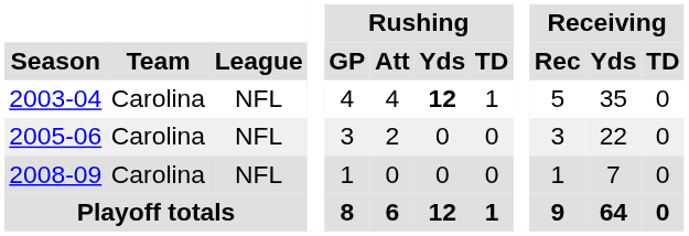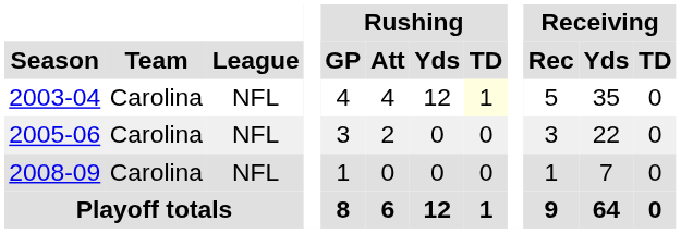 <table BORDER="0" CELLPADDING="3" CELLSPACING="0" ID="Table3">
 <tr ALIGN="center" bgcolor="#e0e0e0">
 <th ALIGN="center" colspan="3" bgcolor="#ffffff"> </th>
 <th ALIGN="center" rowspan="99" bgcolor="#ffffff"> </th>
 <th ALIGN="center" colspan="4">Rushing</th>
 <th ALIGN="center" rowspan="99" bgcolor="#ffffff"> </th>
 <th ALIGN="center" colspan="3">Receiving</th>
 </tr>
 <tr ALIGN="center" bgcolor="#e0e0e0">
 <th ALIGN="center">Season</th>
 <th ALIGN="center">Team</th>
 <th ALIGN="center">League</th>
 <th ALIGN="center">GP</th>
 <th ALIGN="center">Att</th>
 <th ALIGN="center">Yds</th>
 <th ALIGN="center">TD</th>
 <th ALIGN="center">Rec</th>
 <th ALIGN="center">Yds</th>
 <th ALIGN="center">TD</th>
 </tr>
 <tr ALIGN="center">
 <td ALIGN="center"><a href='#'>2003-04</a></td>
 <td ALIGN="center">Carolina</td>
 <td ALIGN="center">NFL</td>
 <td ALIGN="center">4</td>
 <td ALIGN="center">4</td>
-<td ALIGN="center"><strong>12</strong></td>
-<td ALIGN="center">1</td>
+<td ALIGN="center">12</td>
+<td ALIGN="center" style="background: lightyellow;">1</td>
 <td ALIGN="center">5</td>
 <td ALIGN="center">35</td>
 <td ALIGN="center">0</td>
 </tr>
 <tr ALIGN="center" bgcolor="#f0f0f0">
 <td ALIGN="center"><a href='#'>2005-06</a></td>
 <td ALIGN="center">Carolina</td>
 <td ALIGN="center">NFL</td>
 <td ALIGN="center">3</td>
 <td ALIGN="center">2</td>
 <td ALIGN="center">0</td>
 <td ALIGN="center">0</td>
 <td ALIGN="center">3</td>
 <td ALIGN="center">22</td>
 <td ALIGN="center">0</td>
 </tr>
 <tr ALIGN="center" bgcolor="#e0e0e0">
 <td ALIGN="center"><a href='#'>2008-09</a></td>
 <td ALIGN="center">Carolina</td>
 <td ALIGN="center">NFL</td>
 <td ALIGN="center">1</td>
 <td ALIGN="center">0</td>
 <td ALIGN="center">0</td>
 <td ALIGN="center">0</td>
 <td ALIGN="center">1</td>
 <td ALIGN="center">7</td>
 <td ALIGN="center">0</td>
 </tr>
 <tr ALIGN="center" bgcolor="#e0e0e0">
 <th colspan="3">Playoff totals</th>
 <th ALIGN="center">8</th>
 <th ALIGN="center">6</th>
 <th ALIGN="center">12</th>
 <th ALIGN="center">1</th>
 <th ALIGN="center">9</th>
 <th ALIGN="center">64</th>
 <th ALIGN="center">0</th>
 </tr>
 </table>
